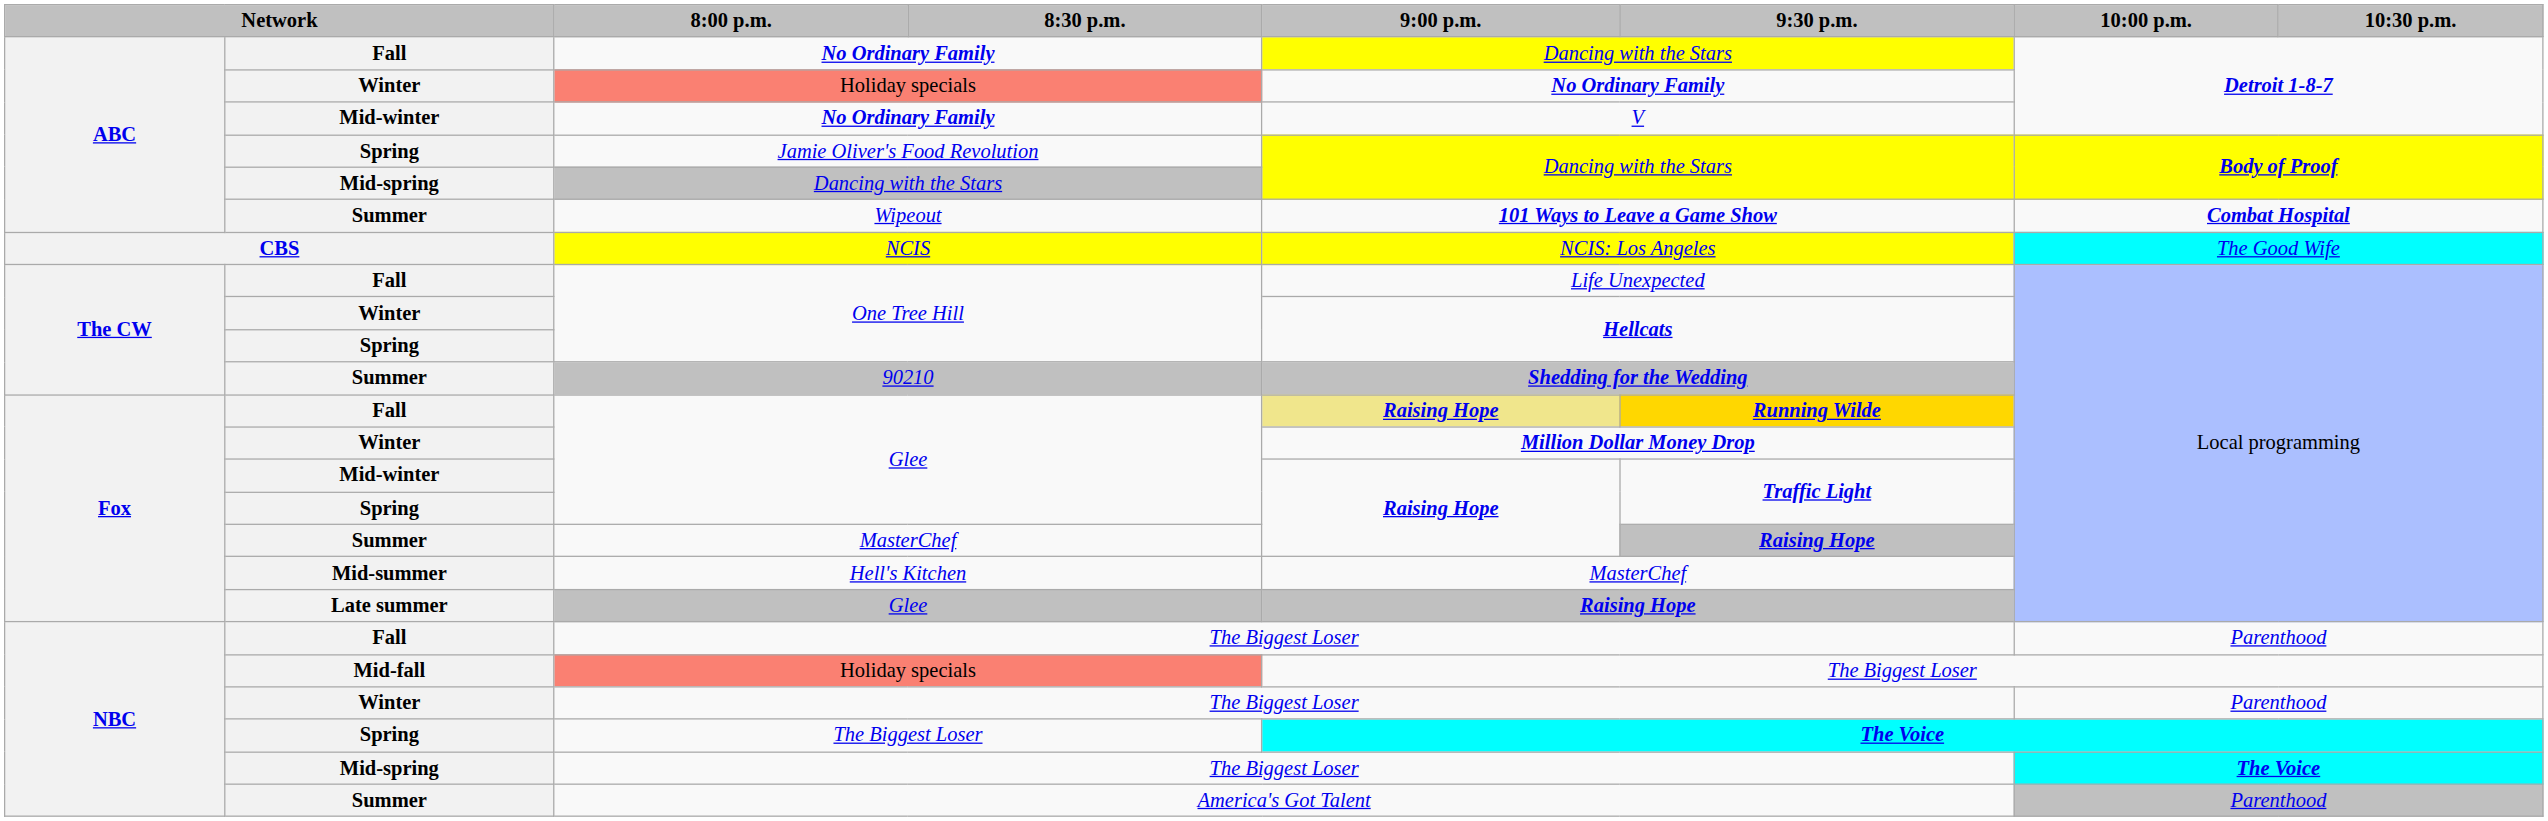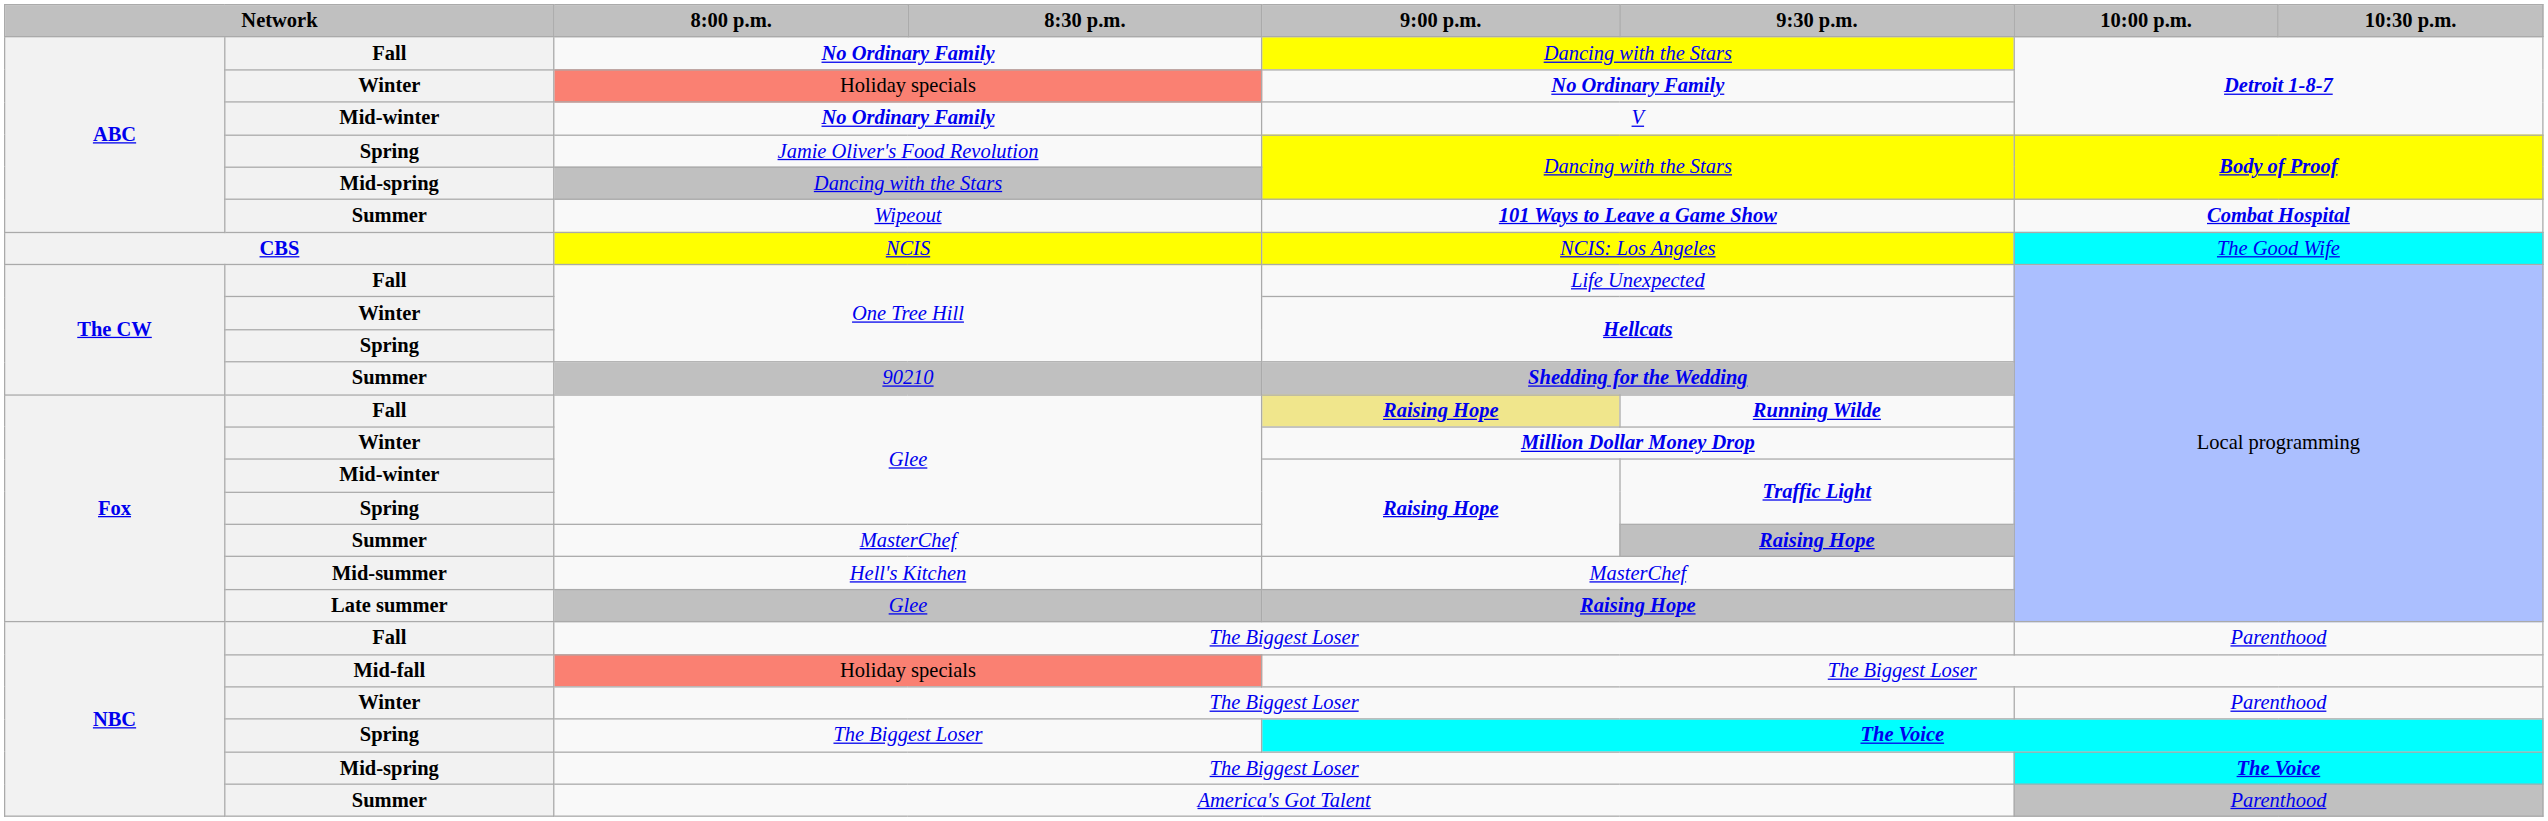 <table class="wikitable" style="width:100%;margin-right:0;text-align:center">
 <tr>
 <th colspan="2" style="background-color:#C0C0C0;text-align:center">Network</th>
 <th style="background-color:#C0C0C0;text-align:center">8:00 p.m.</th>
 <th style="background-color:#C0C0C0;text-align:center">8:30 p.m.</th>
 <th style="background-color:#C0C0C0;text-align:center">9:00 p.m.</th>
 <th style="background-color:#C0C0C0;text-align:center">9:30 p.m.</th>
 <th style="background-color:#C0C0C0;text-align:center">10:00 p.m.</th>
 <th style="background-color:#C0C0C0;text-align:center">10:30 p.m.</th>
 </tr>
 <tr>
 <th rowspan="6"><a href='#'>ABC</a></th>
 <th>Fall</th>
 <td colspan="2"><strong><em><a href='#'>No Ordinary Family</a></em></strong></td>
 <td style="background:yellow;" colspan="2"><em><a href='#'>Dancing with the Stars</a></em>  </td>
 <td colspan="2" rowspan="3"><strong><em><a href='#'>Detroit 1-8-7</a></em></strong></td>
 </tr>
 <tr>
 <th>Winter</th>
 <td style="background:#FA8072;" colspan="2">Holiday specials</td>
 <td colspan="2"><strong><em><a href='#'>No Ordinary Family</a></em></strong></td>
 </tr>
 <tr>
 <th>Mid-winter</th>
 <td colspan="2"><strong><em><a href='#'>No Ordinary Family</a></em></strong></td>
 <td colspan="2"><em><a href='#'>V</a></em></td>
 </tr>
 <tr>
 <th>Spring</th>
 <td colspan="2"><em><a href='#'>Jamie Oliver's Food Revolution</a></em></td>
 <td style="background:yellow;" colspan="2" rowspan="2"><em><a href='#'>Dancing with the Stars</a></em>   </td>
 <td style="background:yellow;" colspan="2" rowspan="2"><strong><em><a href='#'>Body of Proof</a></em></strong> </td>
 </tr>
 <tr>
 <th>Mid-spring</th>
 <td colspan="2" style="background:#C0C0C0;"><em><a href='#'>Dancing with the Stars</a></em> </td>
 </tr>
 <tr>
 <th>Summer</th>
 <td colspan="2"><em><a href='#'>Wipeout</a></em></td>
 <td colspan="2"><strong><em><a href='#'>101 Ways to Leave a Game Show</a></em></strong></td>
 <td colspan="2"><strong><em><a href='#'>Combat Hospital</a></em></strong></td>
 </tr>
 <tr>
 <th colspan="2"><a href='#'>CBS</a></th>
 <td style="background:yellow;" colspan="2"><em><a href='#'>NCIS</a></em> </td>
 <td style="background:yellow;" colspan="2"><em><a href='#'>NCIS: Los Angeles</a></em> </td>
 <td style="background:#00FFFF;" colspan="2"><em><a href='#'>The Good Wife</a></em> </td>
 </tr>
 <tr>
 <th rowspan="4"><a href='#'>The CW</a></th>
 <th>Fall</th>
 <td colspan="2" rowspan="3"><em><a href='#'>One Tree Hill</a></em></td>
 <td colspan="2"><em><a href='#'>Life Unexpected</a></em></td>
 <td style="background:#abbfff;" colspan="2" rowspan="11">Local programming</td>
 </tr>
 <tr>
 <th>Winter</th>
 <td colspan="2" rowspan="2"><strong><em><a href='#'>Hellcats</a></em></strong></td>
 </tr>
 <tr>
 <th>Spring</th>
 </tr>
 <tr>
 <th>Summer</th>
 <td style="background:#C0C0C0;" colspan="2"><em><a href='#'>90210</a></em> </td>
 <td style="background:#C0C0C0;" colspan="2"><strong><em><a href='#'>Shedding for the Wedding</a></em></strong> </td>
 </tr>
 <tr>
 <th rowspan="7"><a href='#'>Fox</a></th>
 <th>Fall</th>
 <td colspan="2" rowspan="4"><em><a href='#'>Glee</a></em></td>
 <td style="background: khaki;"><strong><em><a href='#'>Raising Hope</a></em></strong></td>
-<td style="background: gold;"><strong><em><a href='#'>Running Wilde</a></em></strong></td>
+<td><strong><em><a href='#'>Running Wilde</a></em></strong></td>
 </tr>
 <tr>
 <th>Winter</th>
 <td colspan="2"><strong><em><a href='#'>Million Dollar Money Drop</a></em></strong></td>
 </tr>
 <tr>
 <th>Mid-winter</th>
 <td rowspan="3"><strong><em><a href='#'>Raising Hope</a></em></strong></td>
 <td rowspan="2"><strong><em><a href='#'>Traffic Light</a></em></strong></td>
 </tr>
 <tr>
 <th>Spring</th>
 </tr>
 <tr>
 <th>Summer</th>
 <td colspan="2"><em><a href='#'>MasterChef</a></em></td>
 <td style="background:#C0C0C0;"><strong><em><a href='#'>Raising Hope</a></em></strong> </td>
 </tr>
 <tr>
 <th>Mid-summer</th>
 <td colspan="2"><em><a href='#'>Hell's Kitchen</a></em></td>
 <td colspan="2"><em><a href='#'>MasterChef</a></em></td>
 </tr>
 <tr>
 <th>Late summer</th>
 <td style="background:#C0C0C0;" colspan="2"><em><a href='#'>Glee</a></em> </td>
 <td style="background:#C0C0C0;" colspan="2"><strong><em><a href='#'>Raising Hope</a></em></strong> </td>
 </tr>
 <tr>
 <th rowspan="6"><a href='#'>NBC</a></th>
 <th>Fall</th>
 <td colspan="4"><em><a href='#'>The Biggest Loser</a></em></td>
 <td colspan="2"><em><a href='#'>Parenthood</a></em></td>
 </tr>
 <tr>
 <th>Mid-fall</th>
 <td style="background:#FA8072;" colspan="2">Holiday specials</td>
 <td colspan="4"><em><a href='#'>The Biggest Loser</a></em></td>
 </tr>
 <tr>
 <th>Winter</th>
 <td colspan="4"><em><a href='#'>The Biggest Loser</a></em></td>
 <td colspan="2"><em><a href='#'>Parenthood</a></em></td>
 </tr>
 <tr>
 <th>Spring</th>
 <td colspan="2"><em><a href='#'>The Biggest Loser</a></em></td>
 <td style="background:cyan;" colspan="4"><strong><em><a href='#'>The Voice</a></em></strong> </td>
 </tr>
 <tr>
 <th>Mid-spring</th>
 <td colspan="4"><em><a href='#'>The Biggest Loser</a></em></td>
 <td style="background:cyan;" colspan="2"><strong><em><a href='#'>The Voice</a></em></strong> </td>
 </tr>
 <tr>
 <th>Summer</th>
 <td colspan="4"><em><a href='#'>America's Got Talent</a></em></td>
 <td style="background:#C0C0C0;" colspan="2"><em><a href='#'>Parenthood</a></em> </td>
 </tr>
 </table>
